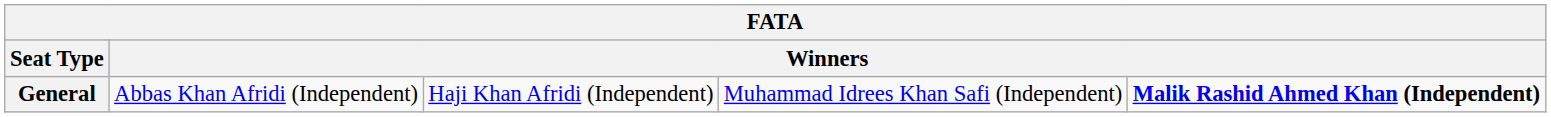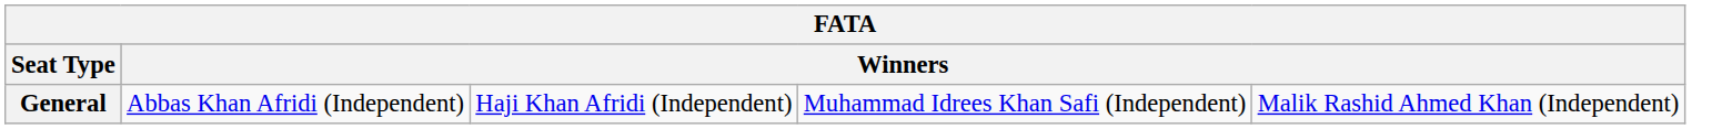 <table class="wikitable">
 <tr>
 <th colspan="5">FATA</th>
 </tr>
 <tr>
 <th>Seat Type</th>
 <th colspan="4">Winners</th>
 </tr>
 <tr>
 <th>General</th>
 <td style="background:"><a href='#'>Abbas Khan Afridi</a> (Independent)</td>
 <td style="background:"><a href='#'>Haji Khan Afridi</a> (Independent)</td>
 <td style="background:"><a href='#'>Muhammad Idrees Khan Safi</a> (Independent)</td>
-<td style="background:"><strong><a href='#'>Malik Rashid Ahmed Khan</a> (Independent)</strong></td>
+<td style="background:"><a href='#'>Malik Rashid Ahmed Khan</a> (Independent)</td>
 </tr>
 </table>
